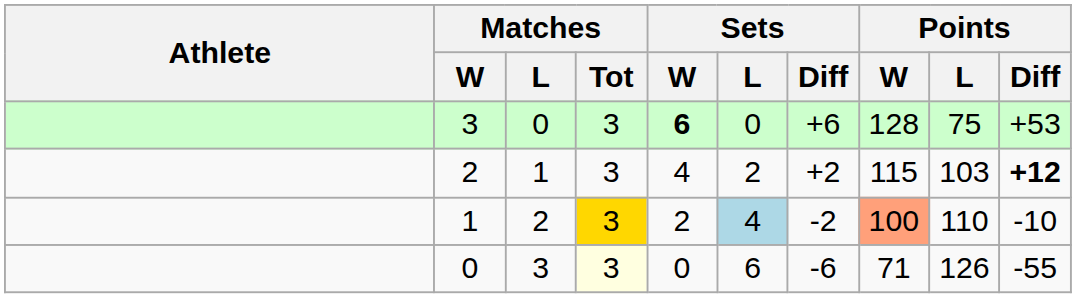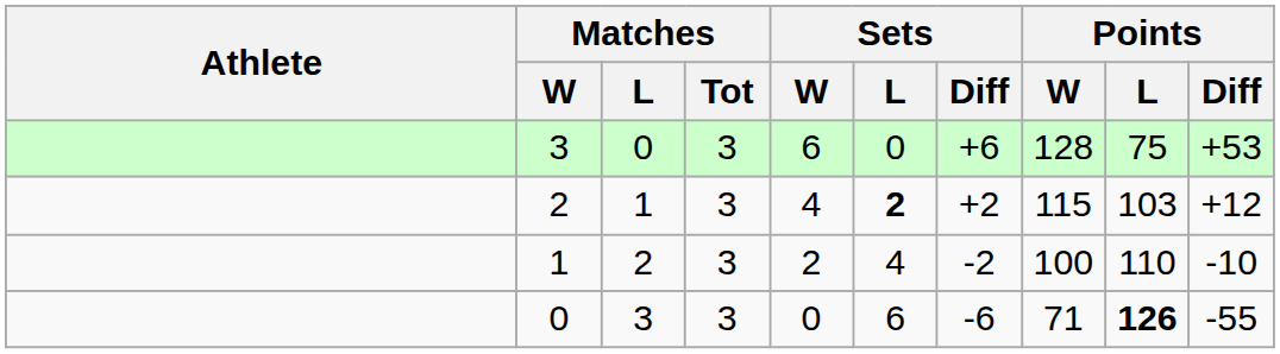 <table class=wikitable style="text-align:center">
 <tr>
 <th rowspan=2 width=220>Athlete</th>
 <th colspan=3 width=90>Matches</th>
 <th colspan=3 width=90>Sets</th>
 <th colspan=3 width=90>Points</th>
 </tr>
 <tr>
 <th width=30>W</th>
 <th width=30>L</th>
 <th width=30>Tot</th>
 <th width=30>W</th>
 <th width=30>L</th>
 <th width=30>Diff</th>
 <th width=30>W</th>
 <th width=30>L</th>
 <th width=30>Diff</th>
 </tr>
 <tr bgcolor=ccffcc>
 <td style="text-align:left"></td>
 <td>3</td>
 <td>0</td>
 <td>3</td>
-<td><strong>6</strong></td>
+<td>6</td>
 <td>0</td>
 <td>+6</td>
 <td>128</td>
 <td>75</td>
 <td>+53</td>
 </tr>
 <tr>
 <td style="text-align:left"></td>
 <td>2</td>
 <td>1</td>
 <td>3</td>
 <td>4</td>
-<td>2</td>
+<td><strong>2</strong></td>
 <td>+2</td>
 <td>115</td>
 <td>103</td>
-<td><strong>+12</strong></td>
+<td>+12</td>
 </tr>
 <tr>
 <td style="text-align:left"></td>
 <td>1</td>
 <td>2</td>
-<td style="background: gold;">3</td>
+<td>3</td>
 <td>2</td>
-<td style="background: lightblue;">4</td>
+<td>4</td>
 <td>-2</td>
-<td style="background: lightsalmon;">100</td>
+<td>100</td>
 <td>110</td>
 <td>-10</td>
 </tr>
 <tr>
 <td style="text-align:left"></td>
 <td>0</td>
 <td>3</td>
-<td style="background: lightyellow;">3</td>
+<td>3</td>
 <td>0</td>
 <td>6</td>
 <td>-6</td>
 <td>71</td>
-<td>126</td>
+<td><strong>126</strong></td>
 <td>-55</td>
 </tr>
 </table>
